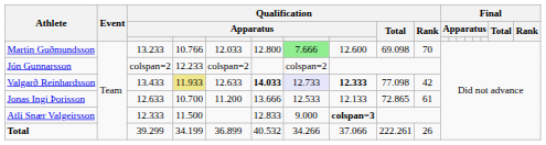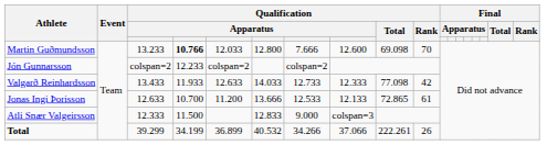 <table class="wikitable" style="font-size:90%">
 <tr>
 <th rowspan=3>Athlete</th>
 <th rowspan=3>Event</th>
 <th colspan =8>Qualification</th>
 <th colspan =8>Final</th>
 </tr>
 <tr style="font-size:95%">
 <th colspan=6>Apparatus</th>
 <th rowspan=2>Total</th>
 <th rowspan=2>Rank</th>
 <th colspan=6>Apparatus</th>
 <th rowspan=2>Total</th>
 <th rowspan=2>Rank</th>
 </tr>
 <tr style="font-size:95%">
 <th></th>
 <th></th>
 <th></th>
 <th></th>
 <th></th>
 <th></th>
 <th></th>
 <th></th>
 <th></th>
 <th></th>
 <th></th>
 <th></th>
 </tr>
 <tr align=center>
 <td align=left><a href='#'>Martin Guðmundsson</a></td>
 <td align=left rowspan=6>Team</td>
 <td>13.233</td>
-<td>10.766</td>
+<td><strong>10.766</strong></td>
 <td>12.033</td>
 <td>12.800</td>
-<td style="background: lightgreen;">7.666</td>
+<td>7.666</td>
 <td>12.600</td>
 <td>69.098</td>
 <td>70</td>
 <td rowspan=6 colspan=8>Did not advance</td>
 </tr>
 <tr align=center>
 <td align=left><a href='#'>Jón Gunnarsson</a></td>
 <td>colspan=2</td>
 <td>12.233</td>
 <td>colspan=2</td>
 <td></td>
 <td>colspan=2</td>
 </tr>
 <tr align=center>
 <td align=left><a href='#'>Valgarð Reinhardsson</a></td>
 <td>13.433</td>
-<td style="background: khaki;">11.933</td>
+<td>11.933</td>
 <td>12.633</td>
-<td><strong>14.033</strong></td>
-<td style="background: lavender;">12.733</td>
-<td><strong>12.333</strong></td>
+<td>14.033</td>
+<td>12.733</td>
+<td>12.333</td>
 <td>77.098</td>
 <td>42</td>
 </tr>
 <tr align=center>
 <td align=left><a href='#'>Jonas Ingi Þorisson</a></td>
 <td>12.633</td>
 <td>10.700</td>
 <td>11.200</td>
 <td>13.666</td>
 <td>12.533</td>
 <td>12.133</td>
 <td>72.865</td>
 <td>61</td>
 </tr>
 <tr align=center>
 <td align=left><a href='#'>Atli Snær Valgeirsson</a></td>
 <td>12.333</td>
 <td>11.500</td>
 <td></td>
 <td>12.833</td>
 <td>9.000</td>
-<td><strong>colspan=3</strong></td>
+<td>colspan=3</td>
 </tr>
 <tr align=center>
 <td align=left><strong>Total</strong></td>
 <td>39.299</td>
 <td>34.199</td>
 <td>36.899</td>
 <td>40.532</td>
 <td>34.266</td>
 <td>37.066</td>
 <td>222.261</td>
 <td>26</td>
 </tr>
 </table>
